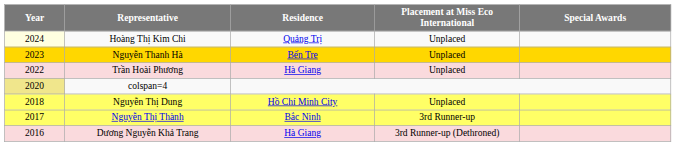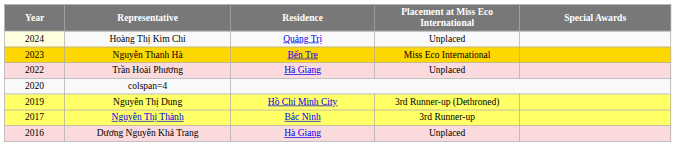 <table class="wikitable sortable" style="font-size: 85%; text-align:center">
 <tr>
 <th width="80" style="background-color:#787878;color:#FFFFFF;">Year</th>
 <th width="230" style="background-color:#787878;color:#FFFFFF;">Representative</th>
 <th width="200" style="background-color:#787878;color:#FFFFFF;">Residence</th>
 <th width="200" style="background-color:#787878;color:#FFFFFF;">Placement at Miss Eco International</th>
 <th width="210" style="background-color:#787878;color:#FFFFFF;">Special Awards</th>
 </tr>
 <tr>
 <td style="background: lightyellow;"> 2024</td>
 <td>Hoàng Thị Kim Chi</td>
 <td><a href='#'>Quảng Trị</a></td>
 <td>Unplaced</td>
 <td></td>
 </tr>
 <tr style="background-color:GOLD; ">
 <td> 2023</td>
 <td>Nguyễn Thanh Hà</td>
 <td><a href='#'>Bến Tre</a></td>
-<td>Unplaced</td>
+<td>Miss Eco International</td>
 <td style="background:;"></td>
 </tr>
 <tr style="background-color:#FADADD;">
 <td> 2022</td>
 <td>Trần Hoài Phương</td>
 <td><a href='#'>Hà Giang</a></td>
 <td>Unplaced</td>
 <td style="background:;"></td>
 </tr>
 <tr>
-<td style="background: khaki;">2020</td>
+<td>2020</td>
 <td>colspan=4 </td>
 </tr>
 <tr style="background-color:#FFFF66; ">
-<td> 2018</td>
+<td> 2019</td>
 <td>Nguyễn Thị Dung</td>
 <td><a href='#'>Hồ Chí Minh City</a></td>
-<td>Unplaced</td>
+<td>3rd Runner-up (Dethroned)</td>
 <td style="background:;"></td>
 </tr>
 <tr style="background-color:#FFFF66; ">
 <td> 2017</td>
 <td><a href='#'>Nguyễn Thị Thành</a></td>
 <td><a href='#'>Bắc Ninh</a></td>
 <td>3rd Runner-up</td>
 <td style="background:;"></td>
 </tr>
 <tr style="background-color:#FADADD;">
 <td> 2016</td>
 <td>Dương Nguyễn Khả Trang</td>
 <td><a href='#'>Hà Giang</a></td>
-<td>3rd Runner-up (Dethroned)</td>
+<td>Unplaced</td>
 <td style="background:;"></td>
 </tr>
 </table>
